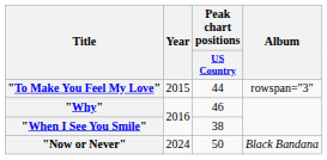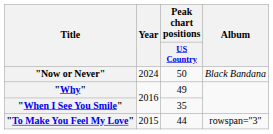 <table class="wikitable plainrowheaders" style="text-align:center;">
 <tr>
 <th scope="col" rowspan="2">Title</th>
 <th scope="col" rowspan="2">Year</th>
 <th scope="col" colspan="1">Peak chart positions</th>
 <th scope="col" rowspan="2">Album</th>
 </tr>
 <tr>
 <th scope="col" style="width:3em;font-size:85%;"><a href='#'>US<br>Country</a><br></th>
 </tr>
 <tr>
+<th scope="row">"Now or Never"<br></th>
+<td>2024</td>
+<td>50</td>
+<td><em>Black Bandana</em></td>
+</tr>
+<tr>
+<th scope="row">"<a href='#'>Why</a>"</th>
+<td rowspan=2>2016</td>
+<td>49</td>
+</tr>
+<tr>
+<th scope="row">"<a href='#'>When I See You Smile</a>"</th>
+<td>35</td>
+</tr>
+<tr>
 <th scope="row">"<a href='#'>To Make You Feel My Love</a>"</th>
 <td>2015</td>
 <td>44</td>
 <td>rowspan="3" </td>
 </tr>
-<tr>
-<th scope="row">"<a href='#'>Why</a>"</th>
-<td rowspan=2>2016</td>
-<td>46</td>
-</tr>
-<tr>
-<th scope="row">"<a href='#'>When I See You Smile</a>"</th>
-<td>38</td>
-</tr>
-<tr>
-<th scope="row">"Now or Never"<br></th>
-<td>2024</td>
-<td>50</td>
-<td><em>Black Bandana</em></td>
-</tr>
 </table>
